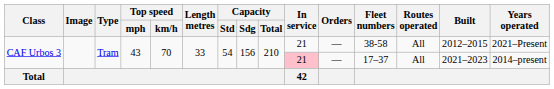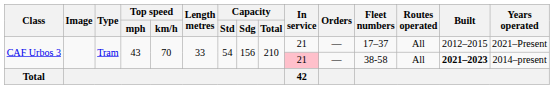 <table class="wikitable" style="text-align:center;">
 <tr ---- bgcolor=#f9f9f9>
 <th rowspan="2">Class</th>
 <th rowspan="2">Image</th>
 <th rowspan="2">Type</th>
 <th colspan="2"> Top speed </th>
 <th rowspan="2">Length<br>metres</th>
 <th colspan="3"> Capacity </th>
 <th rowspan="2">In<br>service</th>
 <th rowspan="2">Orders</th>
 <th rowspan="2">Fleet<br>numbers</th>
 <th rowspan="2">Routes<br>operated</th>
 <th rowspan="2">Built</th>
 <th rowspan="2">Years<br>operated</th>
 </tr>
 <tr style="background:#f9f9f9;">
 <th> mph </th>
 <th> km/h </th>
 <th><abbr>Std</abbr></th>
 <th><abbr>Sdg</abbr></th>
 <th>Total</th>
 </tr>
 <tr>
 <td rowspan="2"><a href='#'>CAF Urbos 3</a></td>
 <td rowspan="2"></td>
 <td rowspan="2"><a href='#'>Tram</a></td>
 <td rowspan="2">43</td>
 <td rowspan="2">70</td>
 <td rowspan="2">33</td>
 <td rowspan="2">54</td>
 <td rowspan="2">156</td>
 <td rowspan="2">210</td>
 <td>21</td>
 <td>—</td>
-<td>38-58</td>
+<td>17–37</td>
 <td>All</td>
 <td>2012–2015</td>
 <td>2021–Present</td>
 </tr>
 <tr>
 <td style="background: pink;">21</td>
 <td>—</td>
-<td>17–37</td>
+<td>38-58</td>
 <td>All</td>
-<td>2021–2023</td>
+<td><strong>2021–2023</strong></td>
 <td>2014–present</td>
 </tr>
 <tr>
 <th>Total</th>
 <th colspan="8"></th>
 <th>42</th>
 <th></th>
 <th colspan="4"></th>
 </tr>
 </table>
